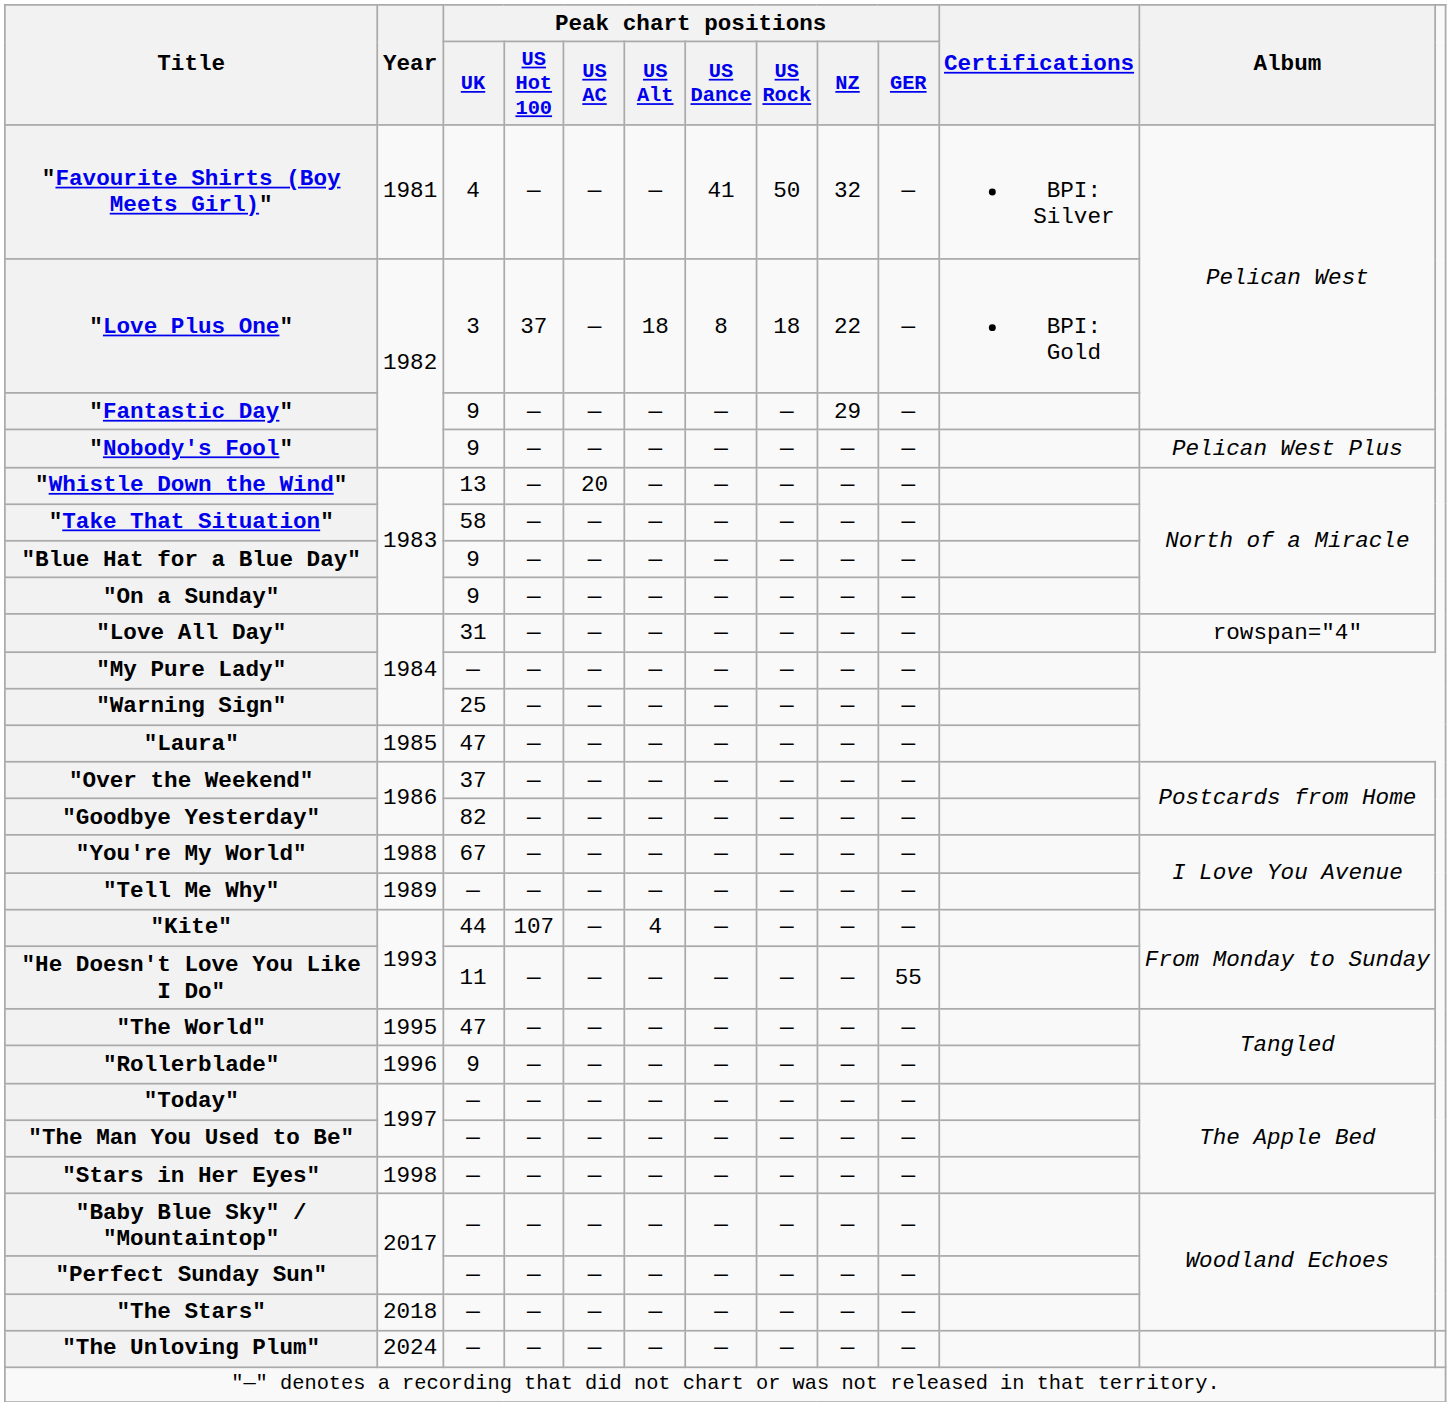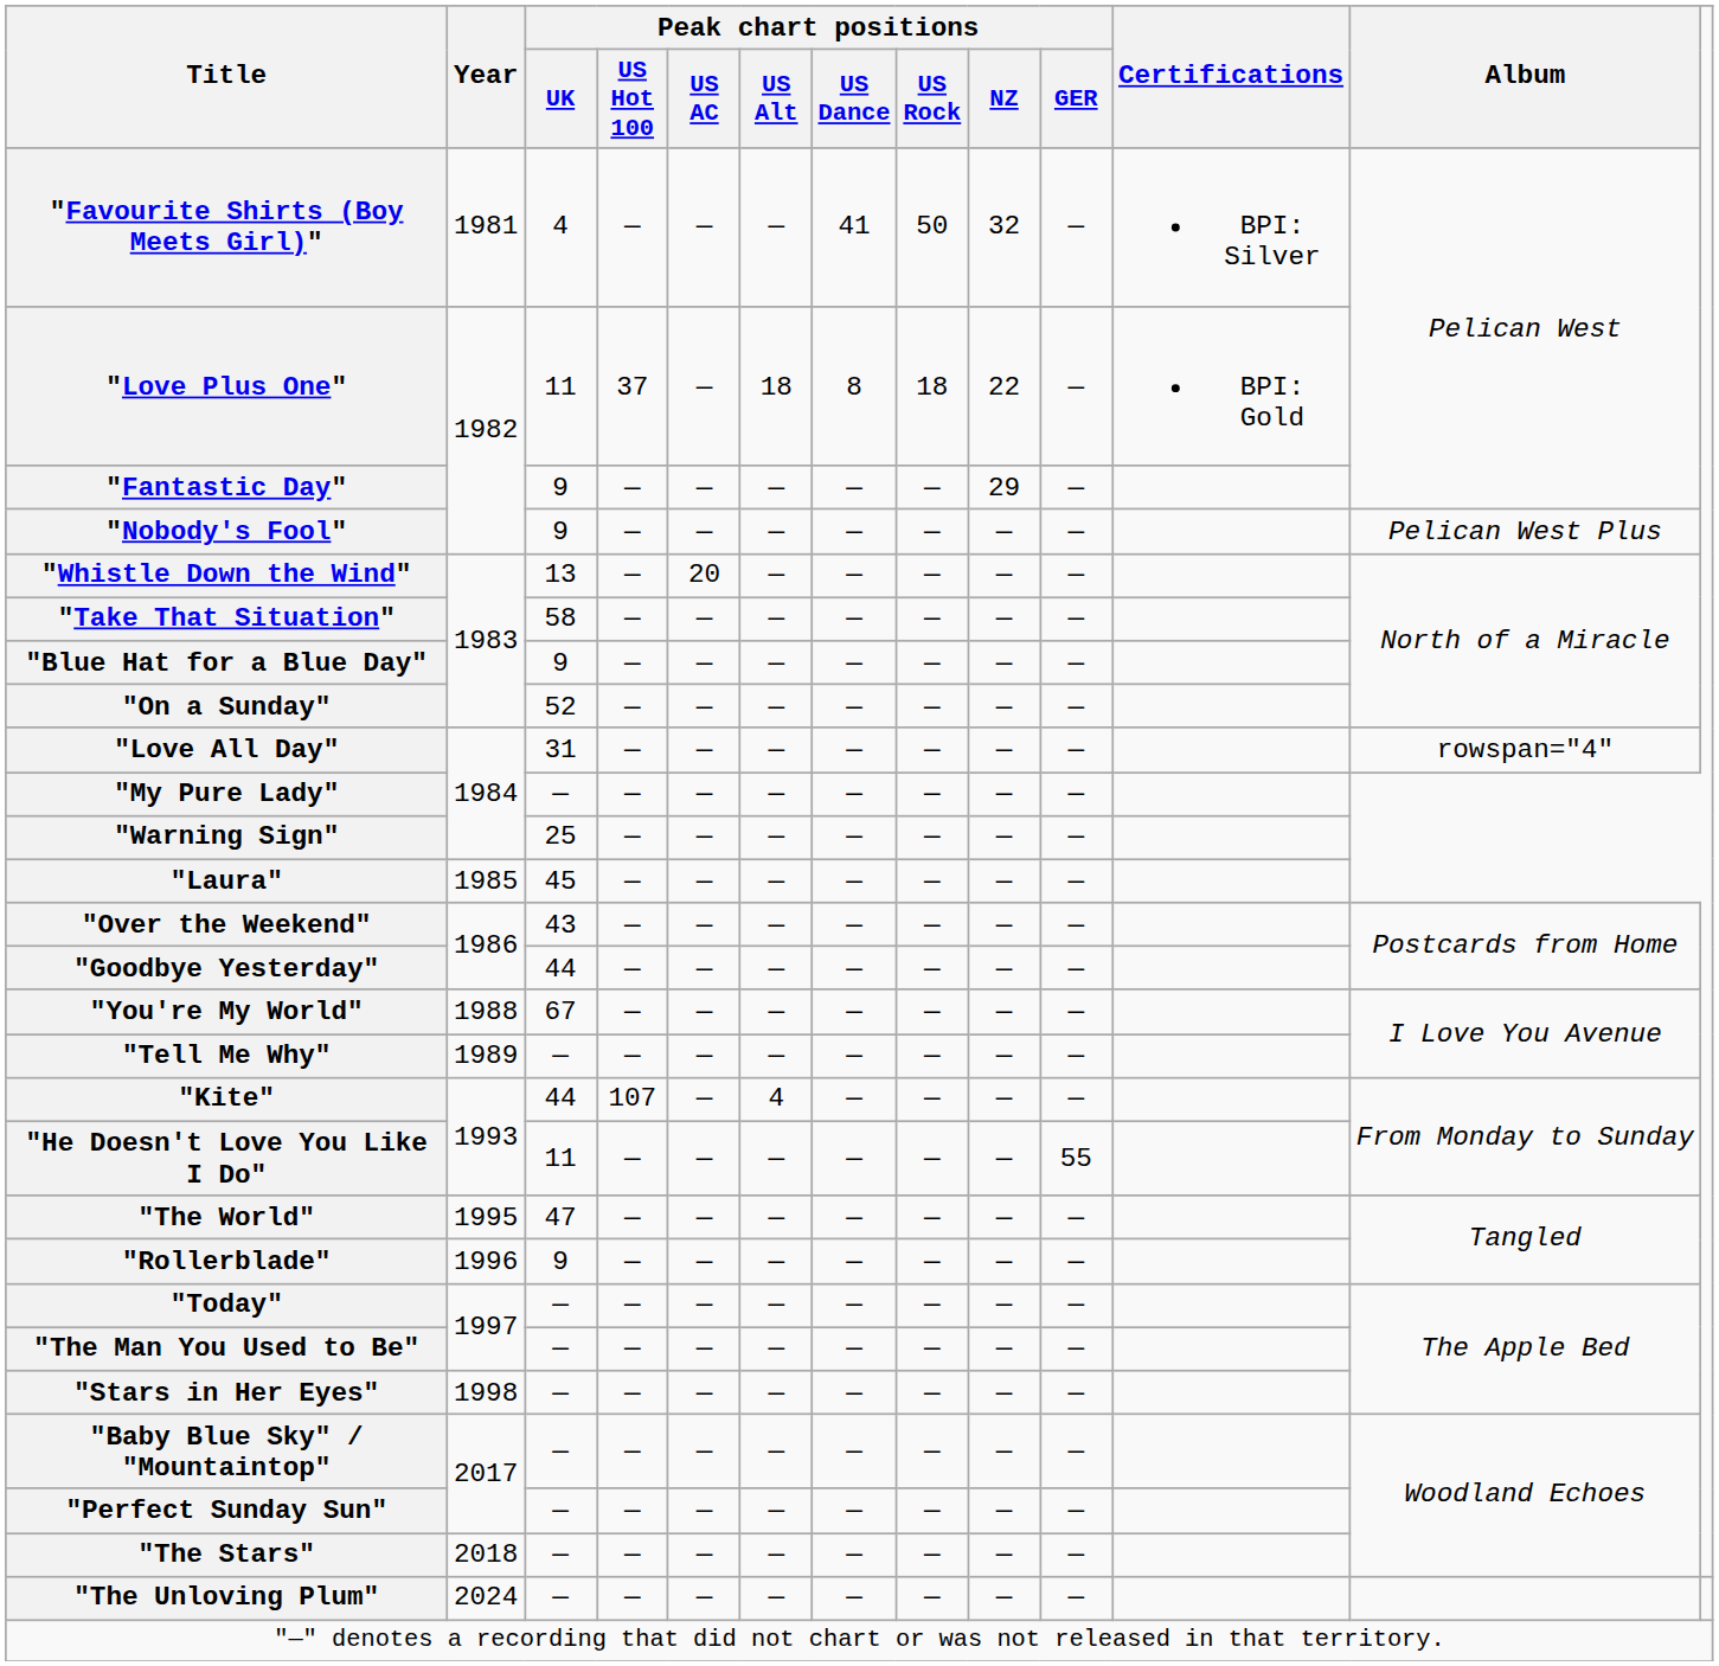 <table class="wikitable plainrowheaders" style="text-align:center;">
 <tr>
 <th scope="col" rowspan="2" style="width:16em;">Title</th>
 <th scope="col" rowspan="2">Year</th>
 <th scope="col" colspan="8">Peak chart positions</th>
 <th scope="col" rowspan="2" style="width:8em;"><a href='#'>Certifications</a></th>
 <th scope="col" rowspan="2">Album</th>
 </tr>
 <tr>
 <th scope="col" style="width:2.5em;font-size:90%;"><a href='#'>UK</a><br></th>
 <th scope="col" style="width:2.5em;font-size:90%;"><a href='#'>US Hot 100</a><br></th>
 <th scope="col" style="width:2.5em;font-size:90%;"><a href='#'>US AC</a><br></th>
 <th scope="col" style="width:2.5em;font-size:90%;"><a href='#'>US Alt</a><br></th>
 <th scope="col" style="width:2.5em;font-size:90%;"><a href='#'>US Dance</a><br></th>
 <th scope="col" style="width:2.5em;font-size:90%;"><a href='#'>US Rock</a><br></th>
 <th scope="col" style="width:2.5em;font-size:90%;"><a href='#'>NZ</a><br></th>
 <th scope="col" style="width:2.5em;font-size:90%;"><a href='#'>GER</a><br></th>
 </tr>
 <tr>
 <th scope="row">"<a href='#'>Favourite Shirts (Boy Meets Girl)</a>"<br></th>
 <td>1981</td>
 <td>4</td>
 <td>—</td>
 <td>—</td>
 <td>—</td>
 <td>41</td>
 <td>50</td>
 <td>32</td>
 <td>—</td>
 <td><br><ul><li>BPI: Silver</li></ul></td>
 <td rowspan="3"><em>Pelican West</em></td>
 </tr>
 <tr>
 <th scope="row">"<a href='#'>Love Plus One</a>"<br></th>
 <td rowspan="3">1982</td>
-<td>3</td>
+<td>11</td>
 <td>37</td>
 <td>—</td>
 <td>18</td>
 <td>8</td>
 <td>18</td>
 <td>22</td>
 <td>—</td>
 <td><br><ul><li>BPI: Gold</li></ul></td>
 </tr>
 <tr>
 <th scope="row">"<a href='#'>Fantastic Day</a>"<br></th>
 <td>9</td>
 <td>—</td>
 <td>—</td>
 <td>—</td>
 <td>—</td>
 <td>—</td>
 <td>29</td>
 <td>—</td>
 <td></td>
 </tr>
 <tr>
 <th scope="row">"<a href='#'>Nobody's Fool</a>"<br></th>
 <td>9</td>
 <td>—</td>
 <td>—</td>
 <td>—</td>
 <td>—</td>
 <td>—</td>
 <td>—</td>
 <td>—</td>
 <td></td>
 <td><em>Pelican West Plus</em></td>
 </tr>
 <tr>
 <th scope="row">"<a href='#'>Whistle Down the Wind</a>"</th>
 <td rowspan="4">1983</td>
 <td>13</td>
 <td>—</td>
 <td>20</td>
 <td>—</td>
 <td>—</td>
 <td>—</td>
 <td>—</td>
 <td>—</td>
 <td></td>
 <td rowspan="4"><em>North of a Miracle</em></td>
 </tr>
 <tr>
 <th scope="row">"<a href='#'>Take That Situation</a>"</th>
 <td>58</td>
 <td>—</td>
 <td>—</td>
 <td>—</td>
 <td>—</td>
 <td>—</td>
 <td>—</td>
 <td>—</td>
 <td></td>
 </tr>
 <tr>
 <th scope="row">"Blue Hat for a Blue Day"</th>
 <td>9</td>
 <td>—</td>
 <td>—</td>
 <td>—</td>
 <td>—</td>
 <td>—</td>
 <td>—</td>
 <td>—</td>
 <td></td>
 </tr>
 <tr>
 <th scope="row">"On a Sunday"</th>
-<td>9</td>
+<td>52</td>
 <td>—</td>
 <td>—</td>
 <td>—</td>
 <td>—</td>
 <td>—</td>
 <td>—</td>
 <td>—</td>
 <td></td>
 </tr>
 <tr>
 <th scope="row">"Love All Day"</th>
 <td rowspan="3">1984</td>
 <td>31</td>
 <td>—</td>
 <td>—</td>
 <td>—</td>
 <td>—</td>
 <td>—</td>
 <td>—</td>
 <td>—</td>
 <td></td>
 <td>rowspan="4" </td>
 </tr>
 <tr>
 <th scope="row">"My Pure Lady" </th>
 <td>—</td>
 <td>—</td>
 <td>—</td>
 <td>—</td>
 <td>—</td>
 <td>—</td>
 <td>—</td>
 <td>—</td>
 <td></td>
 </tr>
 <tr>
 <th scope="row">"Warning Sign"</th>
 <td>25</td>
 <td>—</td>
 <td>—</td>
 <td>—</td>
 <td>—</td>
 <td>—</td>
 <td>—</td>
 <td>—</td>
 <td></td>
 </tr>
 <tr>
 <th scope="row">"Laura"</th>
 <td>1985</td>
-<td>47</td>
+<td>45</td>
 <td>—</td>
 <td>—</td>
 <td>—</td>
 <td>—</td>
 <td>—</td>
 <td>—</td>
 <td>—</td>
 <td></td>
 </tr>
 <tr>
 <th scope="row">"Over the Weekend"</th>
 <td rowspan="2">1986</td>
-<td>37</td>
+<td>43</td>
 <td>—</td>
 <td>—</td>
 <td>—</td>
 <td>—</td>
 <td>—</td>
 <td>—</td>
 <td>—</td>
 <td></td>
 <td rowspan="2"><em>Postcards from Home</em></td>
 </tr>
 <tr>
 <th scope="row">"Goodbye Yesterday"</th>
-<td>82</td>
+<td>44</td>
 <td>—</td>
 <td>—</td>
 <td>—</td>
 <td>—</td>
 <td>—</td>
 <td>—</td>
 <td>—</td>
 <td></td>
 </tr>
 <tr>
 <th scope="row">"You're My World"</th>
 <td>1988</td>
 <td>67</td>
 <td>—</td>
 <td>—</td>
 <td>—</td>
 <td>—</td>
 <td>—</td>
 <td>—</td>
 <td>—</td>
 <td></td>
 <td rowspan="2"><em>I Love You Avenue</em></td>
 </tr>
 <tr>
 <th scope="row">"Tell Me Why"</th>
 <td>1989</td>
 <td>—</td>
 <td>—</td>
 <td>—</td>
 <td>—</td>
 <td>—</td>
 <td>—</td>
 <td>—</td>
 <td>—</td>
 <td></td>
 </tr>
 <tr>
 <th scope="row">"Kite"</th>
 <td rowspan="2">1993</td>
 <td>44</td>
 <td>107</td>
 <td>—</td>
 <td>4</td>
 <td>—</td>
 <td>—</td>
 <td>—</td>
 <td>—</td>
 <td></td>
 <td rowspan="2"><em>From Monday to Sunday</em></td>
 </tr>
 <tr>
 <th scope="row">"He Doesn't Love You Like I Do"</th>
 <td>11</td>
 <td>—</td>
 <td>—</td>
 <td>—</td>
 <td>—</td>
 <td>—</td>
 <td>—</td>
 <td>55</td>
 <td></td>
 </tr>
 <tr>
 <th scope="row">"The World"</th>
 <td>1995</td>
 <td>47</td>
 <td>—</td>
 <td>—</td>
 <td>—</td>
 <td>—</td>
 <td>—</td>
 <td>—</td>
 <td>—</td>
 <td></td>
 <td rowspan="2"><em>Tangled</em></td>
 </tr>
 <tr>
 <th scope="row">"Rollerblade"</th>
 <td>1996</td>
 <td>9</td>
 <td>—</td>
 <td>—</td>
 <td>—</td>
 <td>—</td>
 <td>—</td>
 <td>—</td>
 <td>—</td>
 <td></td>
 </tr>
 <tr>
 <th scope="row">"Today"</th>
 <td rowspan="2">1997</td>
 <td>—</td>
 <td>—</td>
 <td>—</td>
 <td>—</td>
 <td>—</td>
 <td>—</td>
 <td>—</td>
 <td>—</td>
 <td></td>
 <td rowspan="3"><em>The Apple Bed</em></td>
 </tr>
 <tr>
 <th scope="row">"The Man You Used to Be"</th>
 <td>—</td>
 <td>—</td>
 <td>—</td>
 <td>—</td>
 <td>—</td>
 <td>—</td>
 <td>—</td>
 <td>—</td>
 <td></td>
 </tr>
 <tr>
 <th scope="row">"Stars in Her Eyes"</th>
 <td>1998</td>
 <td>—</td>
 <td>—</td>
 <td>—</td>
 <td>—</td>
 <td>—</td>
 <td>—</td>
 <td>—</td>
 <td>—</td>
 <td></td>
 </tr>
 <tr>
 <th scope="row">"Baby Blue Sky" / "Mountaintop"</th>
 <td rowspan="2">2017</td>
 <td>—</td>
 <td>—</td>
 <td>—</td>
 <td>—</td>
 <td>—</td>
 <td>—</td>
 <td>—</td>
 <td>—</td>
 <td></td>
 <td rowspan="3"><em>Woodland Echoes</em></td>
 </tr>
 <tr>
 <th scope="row">"Perfect Sunday Sun"</th>
 <td>—</td>
 <td>—</td>
 <td>—</td>
 <td>—</td>
 <td>—</td>
 <td>—</td>
 <td>—</td>
 <td>—</td>
 <td></td>
 </tr>
 <tr>
 <th scope="row">"The Stars"</th>
 <td>2018</td>
 <td>—</td>
 <td>—</td>
 <td>—</td>
 <td>—</td>
 <td>—</td>
 <td>—</td>
 <td>—</td>
 <td>—</td>
 <td></td>
 </tr>
 <tr>
 <th scope="row">"The Unloving Plum"<br></th>
 <td>2024</td>
 <td>—</td>
 <td>—</td>
 <td>—</td>
 <td>—</td>
 <td>—</td>
 <td>—</td>
 <td>—</td>
 <td>—</td>
 <td></td>
 <td></td>
 <td></td>
 </tr>
 <tr>
 <td colspan="13" style="font-size:90%">"—" denotes a recording that did not chart or was not released in that territory.</td>
 </tr>
 </table>
